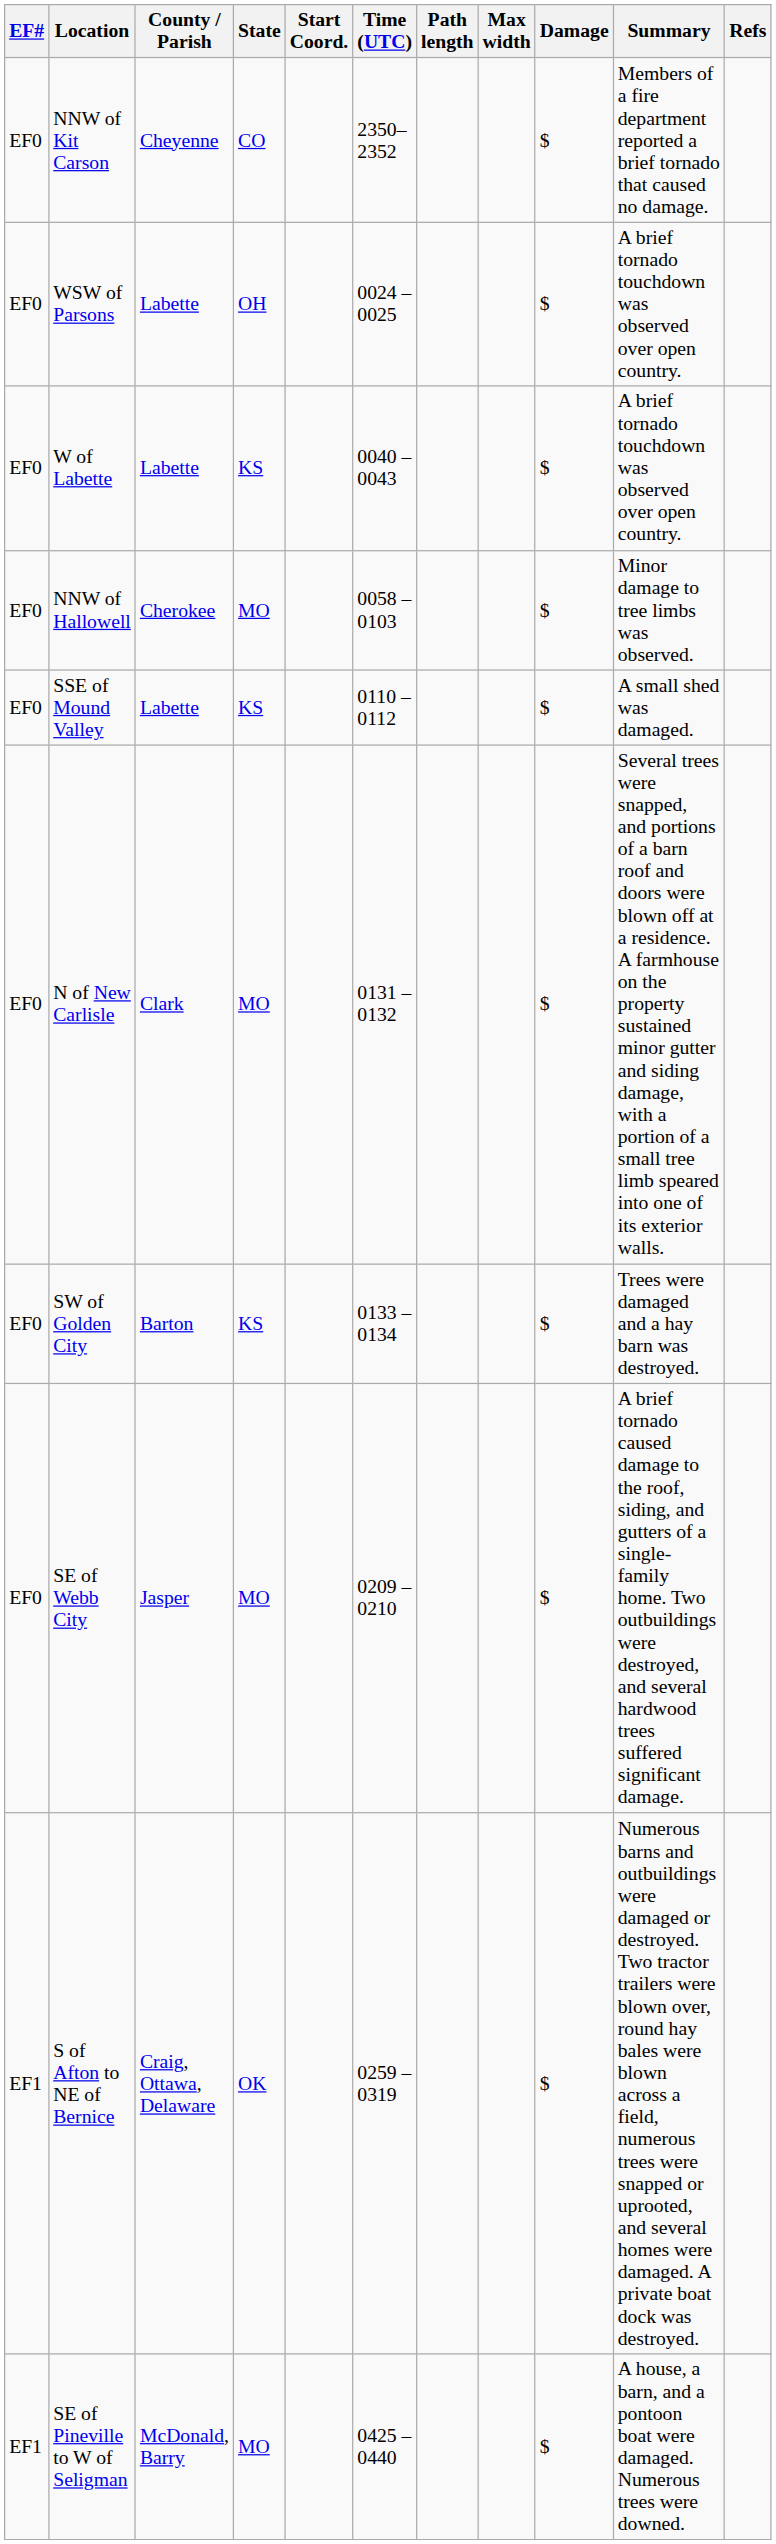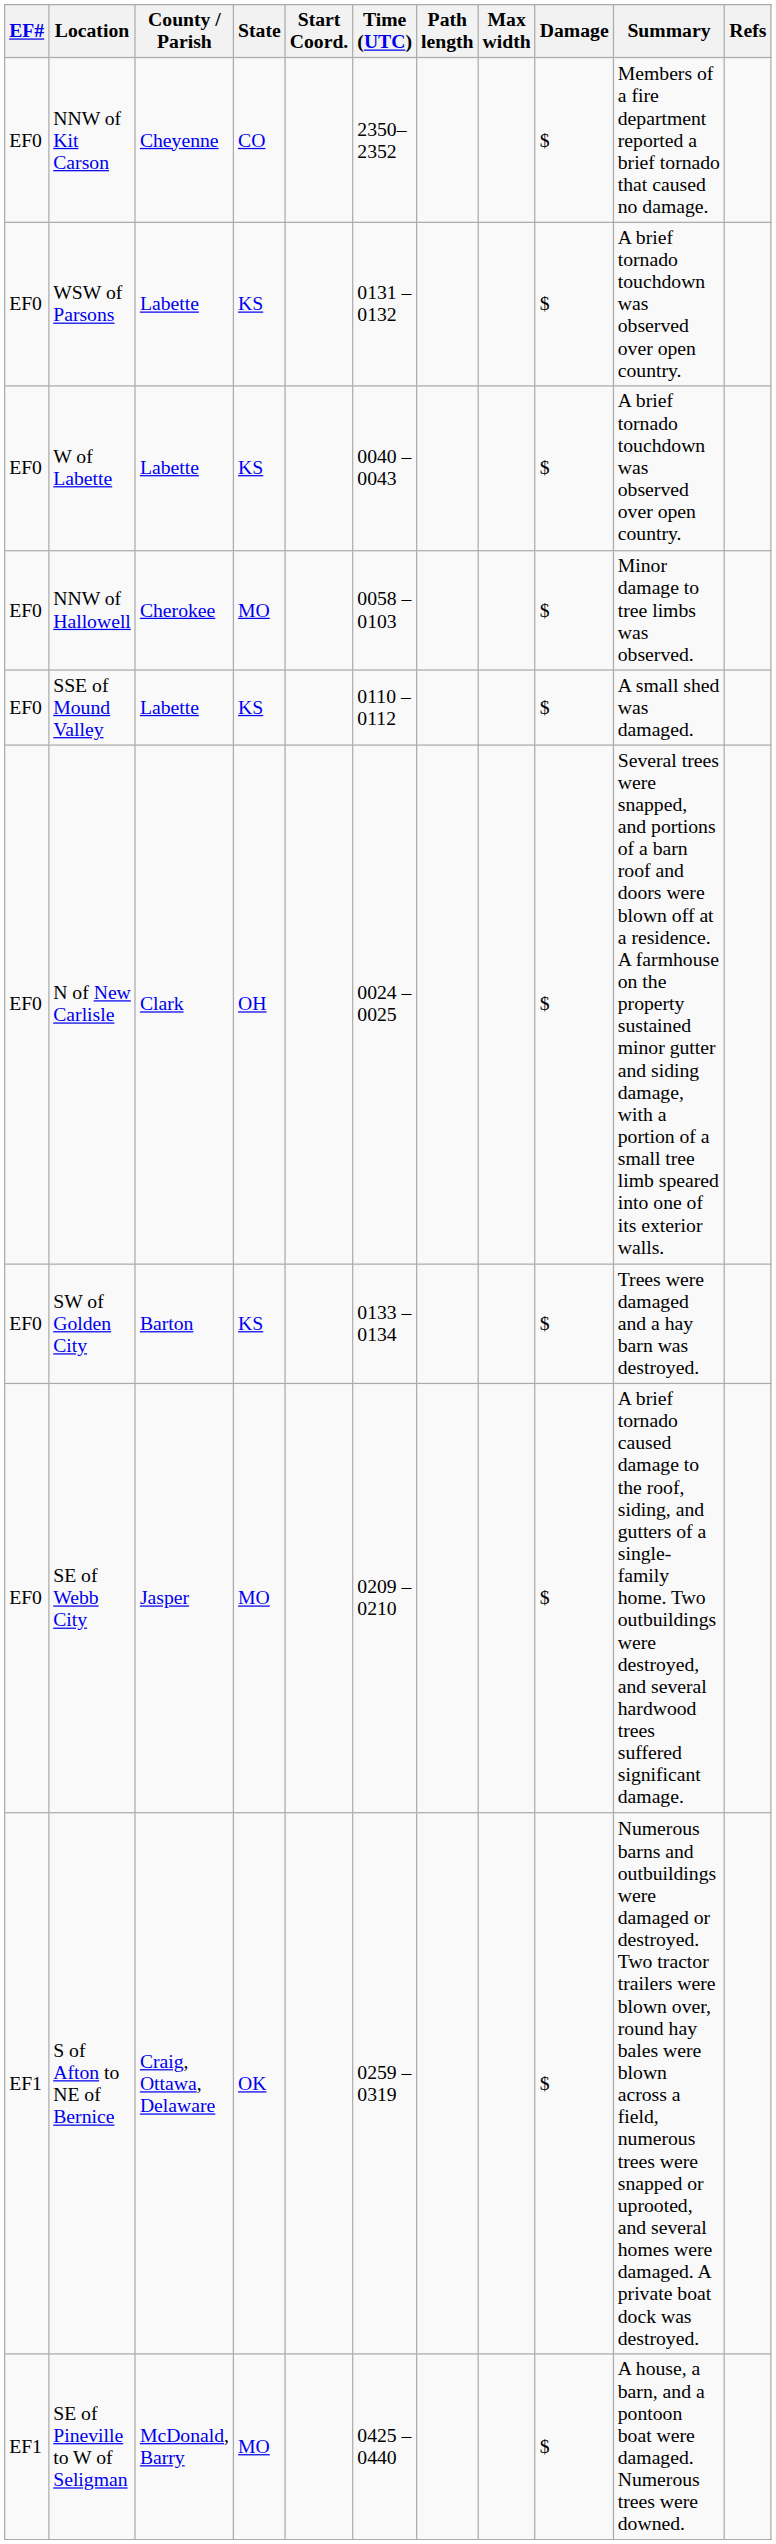 <table class="wikitable sortable" style="width:100%;">
 <tr>
 <th scope="col" width="3%" align="center"><a href='#'>EF#</a></th>
 <th scope="col" width="7%" align="center" class="unsortable">Location</th>
 <th scope="col" width="6%" align="center" class="unsortable">County / Parish</th>
 <th scope="col" width="5%" align="center">State</th>
 <th scope="col" width="6%" align="center">Start Coord.</th>
 <th scope="col" width="6%" align="center">Time (<a href='#'>UTC</a>)</th>
 <th scope="col" width="6%" align="center">Path length</th>
 <th scope="col" width="6%" align="center">Max width</th>
 <th scope="col" width="6%" align="center">Damage</th>
 <th scope="col" width="48%" class="unsortable" align="center">Summary</th>
 <th scope="col" width="48%" class="unsortable" align="center">Refs</th>
 </tr>
 <tr>
 <td>EF0</td>
 <td>NNW of <a href='#'>Kit Carson</a></td>
 <td><a href='#'>Cheyenne</a></td>
 <td><a href='#'>CO</a></td>
 <td></td>
 <td>2350–2352</td>
 <td></td>
 <td></td>
 <td>$</td>
 <td>Members of a fire department reported a brief tornado that caused no damage.</td>
 <td></td>
 </tr>
 <tr>
 <td>EF0</td>
 <td>WSW of <a href='#'>Parsons</a></td>
 <td><a href='#'>Labette</a></td>
-<td><a href='#'>OH</a></td>
+<td><a href='#'>KS</a></td>
 <td></td>
-<td>0024 – 0025</td>
+<td>0131 – 0132</td>
 <td></td>
 <td></td>
 <td>$</td>
 <td>A brief tornado touchdown was observed over open country.</td>
 <td></td>
 </tr>
 <tr>
 <td>EF0</td>
 <td>W of <a href='#'>Labette</a></td>
 <td><a href='#'>Labette</a></td>
 <td><a href='#'>KS</a></td>
 <td></td>
 <td>0040 – 0043</td>
 <td></td>
 <td></td>
 <td>$</td>
 <td>A brief tornado touchdown was observed over open country.</td>
 <td></td>
 </tr>
 <tr>
 <td>EF0</td>
 <td>NNW of <a href='#'>Hallowell</a></td>
 <td><a href='#'>Cherokee</a></td>
 <td><a href='#'>MO</a></td>
 <td></td>
 <td>0058 – 0103</td>
 <td></td>
 <td></td>
 <td>$</td>
 <td>Minor damage to tree limbs was observed.</td>
 <td></td>
 </tr>
 <tr>
 <td>EF0</td>
 <td>SSE of <a href='#'>Mound Valley</a></td>
 <td><a href='#'>Labette</a></td>
 <td><a href='#'>KS</a></td>
 <td></td>
 <td>0110 – 0112</td>
 <td></td>
 <td></td>
 <td>$</td>
 <td>A small shed was damaged.</td>
 <td></td>
 </tr>
 <tr>
 <td>EF0</td>
 <td>N of <a href='#'>New Carlisle</a></td>
 <td><a href='#'>Clark</a></td>
-<td><a href='#'>MO</a></td>
+<td><a href='#'>OH</a></td>
 <td></td>
-<td>0131 – 0132</td>
+<td>0024 – 0025</td>
 <td></td>
 <td></td>
 <td>$</td>
 <td>Several trees were snapped, and portions of a barn roof and doors were blown off at a residence. A farmhouse on the property sustained minor gutter and siding damage, with a portion of a small tree limb speared into one of its exterior walls.</td>
 <td></td>
 </tr>
 <tr>
 <td>EF0</td>
 <td>SW of <a href='#'>Golden City</a></td>
 <td><a href='#'>Barton</a></td>
 <td><a href='#'>KS</a></td>
 <td></td>
 <td>0133 – 0134</td>
 <td></td>
 <td></td>
 <td>$</td>
 <td>Trees were damaged and a hay barn was destroyed.</td>
 <td></td>
 </tr>
 <tr>
 <td>EF0</td>
 <td>SE of <a href='#'>Webb City</a></td>
 <td><a href='#'>Jasper</a></td>
 <td><a href='#'>MO</a></td>
 <td></td>
 <td>0209 – 0210</td>
 <td></td>
 <td></td>
 <td>$</td>
 <td>A brief tornado caused damage to the roof, siding, and gutters of a single-family home. Two outbuildings were destroyed, and several hardwood trees suffered significant damage.</td>
 <td></td>
 </tr>
 <tr>
 <td>EF1</td>
 <td>S of <a href='#'>Afton</a> to NE of <a href='#'>Bernice</a></td>
 <td><a href='#'>Craig</a>, <a href='#'>Ottawa</a>, <a href='#'>Delaware</a></td>
 <td><a href='#'>OK</a></td>
 <td></td>
 <td>0259 – 0319</td>
 <td></td>
 <td></td>
 <td>$</td>
 <td>Numerous barns and outbuildings were damaged or destroyed. Two tractor trailers were blown over, round hay bales were blown across a field, numerous trees were snapped or uprooted, and several homes were damaged. A private boat dock was destroyed.</td>
 <td></td>
 </tr>
 <tr>
 <td>EF1</td>
 <td>SE of <a href='#'>Pineville</a> to W of <a href='#'>Seligman</a></td>
 <td><a href='#'>McDonald</a>, <a href='#'>Barry</a></td>
 <td><a href='#'>MO</a></td>
 <td></td>
 <td>0425 – 0440</td>
 <td></td>
 <td></td>
 <td>$</td>
 <td>A house, a barn, and a pontoon boat were damaged. Numerous trees were downed.</td>
 <td></td>
 </tr>
 <tr>
 </tr>
 </table>
